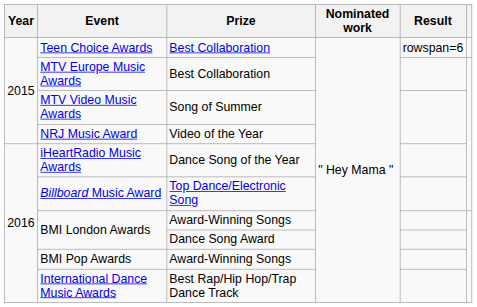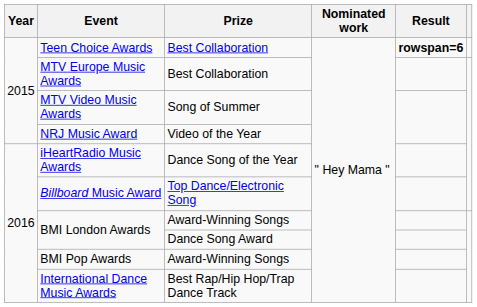 <table class="wikitable">
 <tr>
 <th>Year</th>
 <th>Event</th>
 <th>Prize</th>
 <th>Nominated work</th>
 <th>Result</th>
 <th></th>
 </tr>
 <tr>
 <td rowspan="4">2015</td>
 <td><a href='#'>Teen Choice Awards</a></td>
 <td><a href='#'>Best Collaboration</a></td>
 <td rowspan="10">" Hey Mama "</td>
-<td>rowspan=6 </td>
+<td><strong>rowspan=6 </strong></td>
 <td></td>
 </tr>
 <tr>
 <td><a href='#'>MTV Europe Music Awards</a></td>
 <td>Best Collaboration</td>
 <td></td>
 </tr>
 <tr>
 <td><a href='#'>MTV Video Music Awards</a></td>
 <td>Song of Summer</td>
 <td rowspan="2"></td>
 </tr>
 <tr>
 <td><a href='#'>NRJ Music Award</a></td>
 <td>Video of the Year</td>
 </tr>
 <tr>
 <td rowspan="10">2016</td>
 <td><a href='#'>iHeartRadio Music Awards</a></td>
 <td>Dance Song of the Year</td>
 <td></td>
 </tr>
 <tr>
 <td><a href='#'><em>Billboard</em> Music Award</a></td>
 <td><a href='#'>Top Dance/Electronic Song</a></td>
 <td></td>
 </tr>
 <tr>
 <td rowspan="2">BMI London Awards</td>
 <td>Award-Winning Songs</td>
 <td></td>
 <td rowspan="4"></td>
 </tr>
 <tr>
 <td>Dance Song Award</td>
 <td></td>
 </tr>
 <tr>
 <td>BMI Pop Awards</td>
 <td>Award-Winning Songs</td>
 <td></td>
 </tr>
 <tr>
 <td><a href='#'>International Dance Music Awards</a></td>
 <td>Best Rap/Hip Hop/Trap Dance Track</td>
 <td></td>
 </tr>
 </table>
